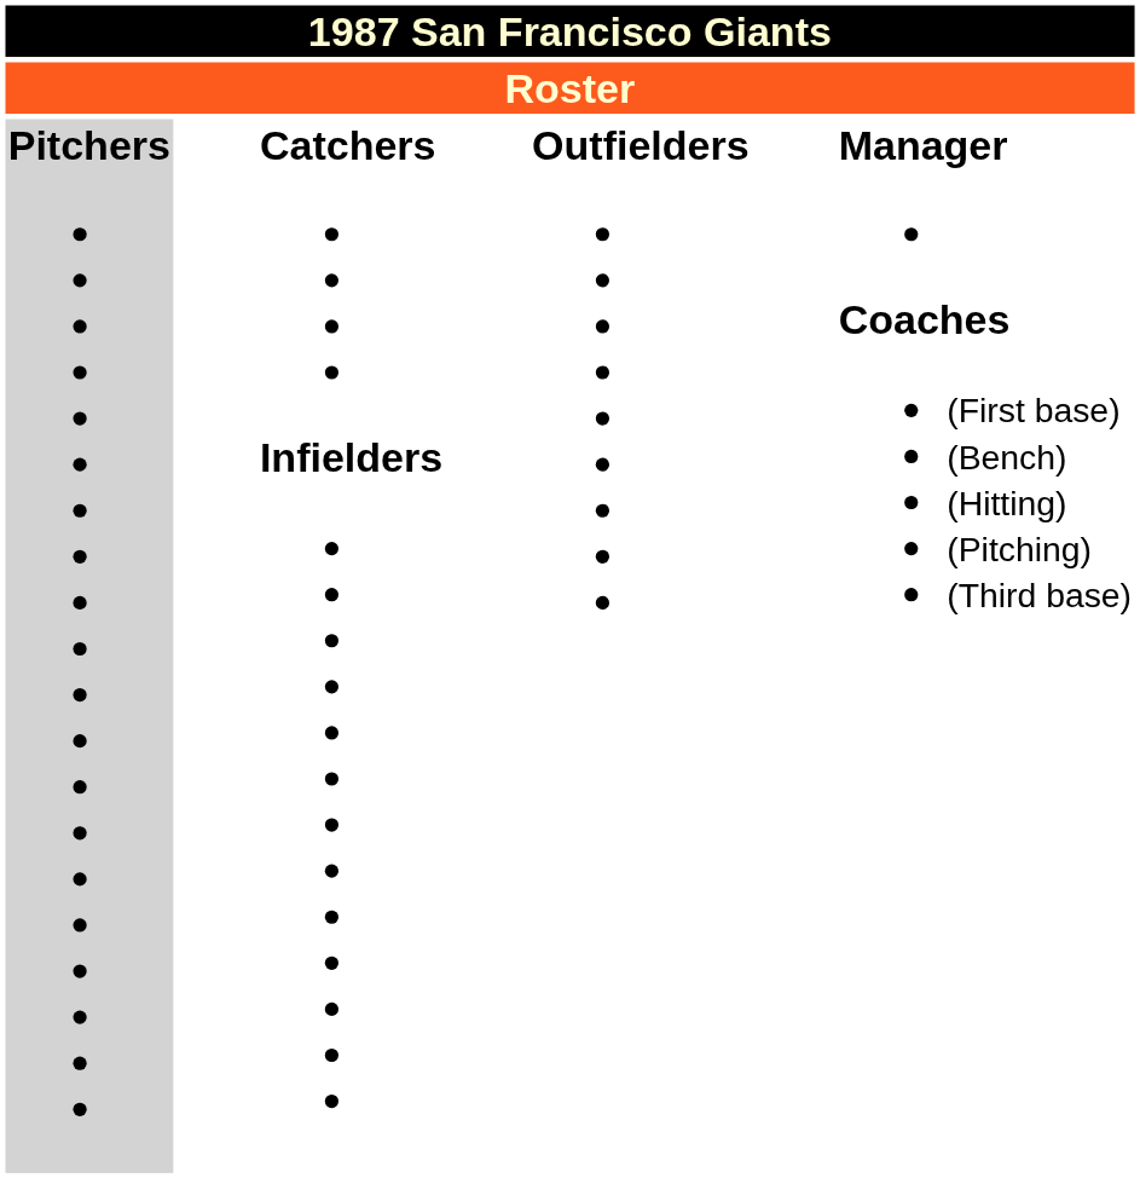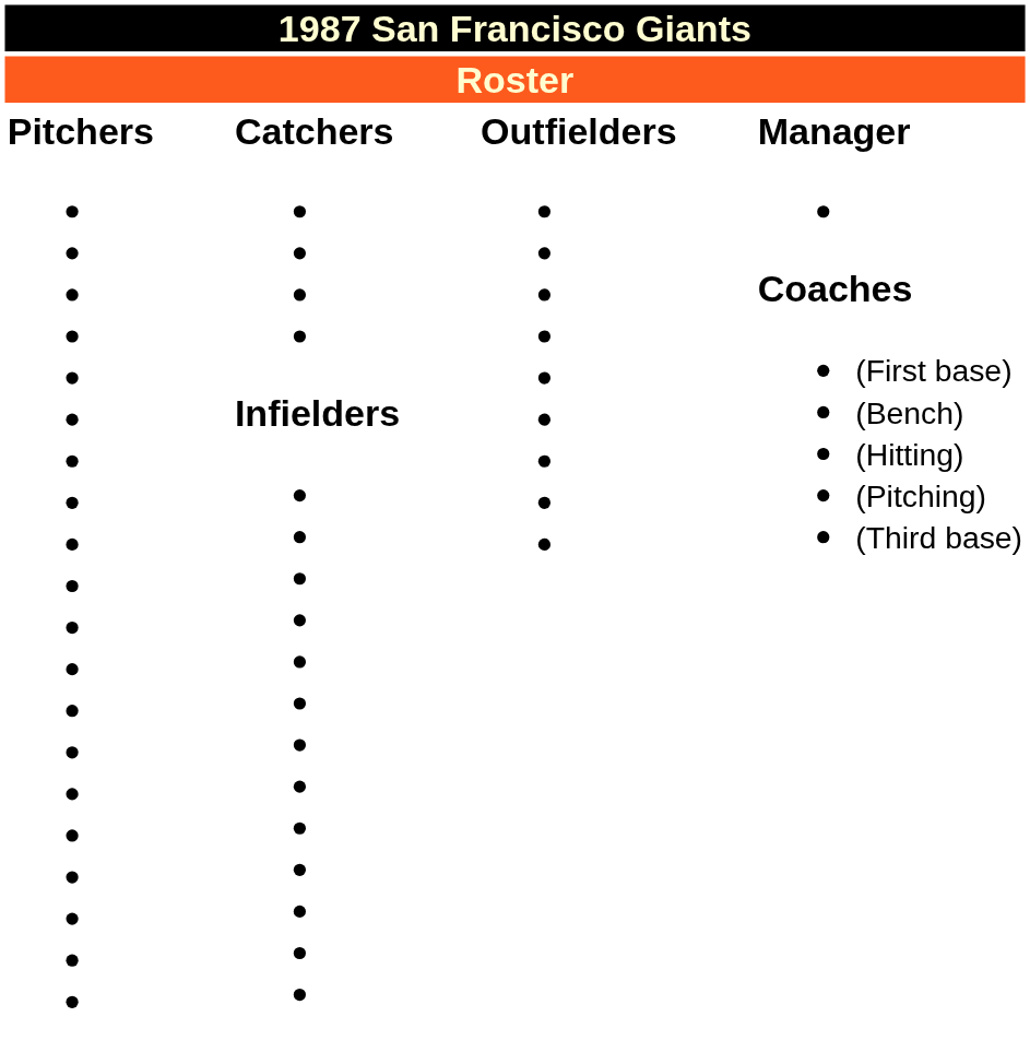 <table class="toccolours" style="font-size: 95%;">
 <tr>
 <th colspan="10" style="background-color: black; color: #FFFDD0; text-align: center;">1987 San Francisco Giants</th>
 </tr>
 <tr>
 <td colspan="10" style="background-color: #fd5a1e; color: #FFFDD0; text-align: center;"><strong>Roster</strong></td>
 </tr>
 <tr>
-<td valign="top" style="background: lightgrey;"><strong>Pitchers</strong><br><ul><li></li><li></li><li></li><li></li><li></li><li></li><li></li><li></li><li></li><li></li><li></li><li></li><li></li><li></li><li></li><li></li><li></li><li></li><li></li><li></li></ul></td>
+<td valign="top"><strong>Pitchers</strong><br><ul><li></li><li></li><li></li><li></li><li></li><li></li><li></li><li></li><li></li><li></li><li></li><li></li><li></li><li></li><li></li><li></li><li></li><li></li><li></li><li></li></ul></td>
 <td width="25px"></td>
 <td valign="top"><strong>Catchers</strong><br><ul><li></li><li></li><li></li><li></li></ul><strong>Infielders</strong><ul><li></li><li></li><li></li><li></li><li></li><li></li><li></li><li></li><li></li><li></li><li></li><li></li><li></li></ul></td>
 <td width="25px"></td>
 <td valign="top"><strong>Outfielders</strong><br><ul><li></li><li></li><li></li><li></li><li></li><li></li><li></li><li></li><li></li></ul></td>
 <td width="25px"></td>
 <td valign="top"><strong>Manager</strong><br><ul><li></li></ul><strong>Coaches</strong><ul><li> <small>(First base)</small></li><li> <small>(Bench)</small></li><li> <small>(Hitting)</small></li><li> <small>(Pitching)</small></li><li> <small>(Third base)</small></li></ul></td>
 </tr>
 <tr>
 </tr>
 </table>
